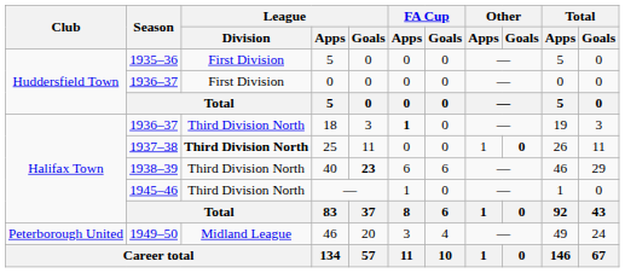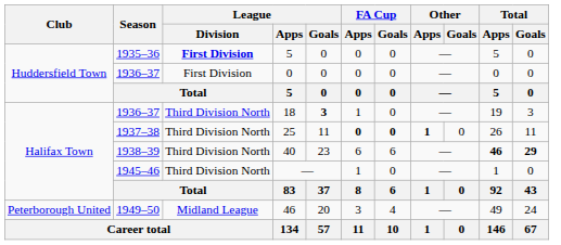 <table class=wikitable style=text-align:center>
 <tr>
 <th rowspan="2">Club</th>
 <th rowspan="2">Season</th>
 <th colspan="3">League</th>
 <th colspan="2"><a href='#'>FA Cup</a></th>
 <th colspan="2">Other</th>
 <th colspan="2">Total</th>
 </tr>
 <tr>
 <th>Division</th>
 <th>Apps</th>
 <th>Goals</th>
 <th>Apps</th>
 <th>Goals</th>
 <th>Apps</th>
 <th>Goals</th>
 <th>Apps</th>
 <th>Goals</th>
 </tr>
 <tr>
 <td rowspan="3"><a href='#'>Huddersfield Town</a></td>
 <td><a href='#'>1935–36</a></td>
-<td><a href='#'>First Division</a></td>
+<td><strong><a href='#'>First Division</a></strong></td>
 <td>5</td>
 <td>0</td>
 <td>0</td>
 <td>0</td>
 <td colspan="2">—</td>
 <td>5</td>
 <td>0</td>
 </tr>
 <tr>
 <td><a href='#'>1936–37</a></td>
 <td>First Division</td>
 <td>0</td>
 <td>0</td>
 <td>0</td>
 <td>0</td>
 <td colspan="2">—</td>
 <td>0</td>
 <td>0</td>
 </tr>
 <tr>
 <th colspan="2">Total</th>
 <th>5</th>
 <th>0</th>
 <th>0</th>
 <th>0</th>
 <th colspan="2">—</th>
 <th>5</th>
 <th>0</th>
 </tr>
 <tr>
 <td rowspan="5"><a href='#'>Halifax Town</a></td>
 <td><a href='#'>1936–37</a></td>
 <td><a href='#'>Third Division North</a></td>
 <td>18</td>
-<td>3</td>
-<td><strong>1</strong></td>
+<td><strong>3</strong></td>
+<td>1</td>
 <td>0</td>
 <td colspan="2">—</td>
 <td>19</td>
 <td>3</td>
 </tr>
 <tr>
 <td><a href='#'>1937–38</a></td>
-<td><strong>Third Division North</strong></td>
+<td>Third Division North</td>
 <td>25</td>
 <td>11</td>
+<td><strong>0</strong></td>
+<td><strong>0</strong></td>
+<td><strong>1</strong></td>
 <td>0</td>
-<td>0</td>
-<td>1</td>
-<td><strong>0</strong></td>
 <td>26</td>
 <td>11</td>
 </tr>
 <tr>
 <td><a href='#'>1938–39</a></td>
 <td>Third Division North</td>
 <td>40</td>
-<td><strong>23</strong></td>
+<td>23</td>
 <td>6</td>
 <td>6</td>
 <td colspan="2">—</td>
-<td>46</td>
-<td>29</td>
+<td><strong>46</strong></td>
+<td><strong>29</strong></td>
 </tr>
 <tr>
 <td><a href='#'>1945–46</a></td>
 <td>Third Division North</td>
 <td colspan="2">—</td>
 <td>1</td>
 <td>0</td>
 <td colspan="2">—</td>
 <td>1</td>
 <td>0</td>
 </tr>
 <tr>
 <th colspan="2">Total</th>
 <th>83</th>
 <th>37</th>
 <th>8</th>
 <th>6</th>
 <th>1</th>
 <th>0</th>
 <th>92</th>
 <th>43</th>
 </tr>
 <tr>
 <td><a href='#'>Peterborough United</a></td>
 <td><a href='#'>1949–50</a></td>
 <td><a href='#'>Midland League</a></td>
 <td>46</td>
 <td>20</td>
 <td>3</td>
 <td>4</td>
 <td colspan="2">—</td>
 <td>49</td>
 <td>24</td>
 </tr>
 <tr>
 <th colspan="3">Career total</th>
 <th>134</th>
 <th>57</th>
 <th>11</th>
 <th>10</th>
 <th>1</th>
 <th>0</th>
 <th>146</th>
 <th>67</th>
 </tr>
 </table>
